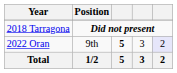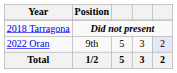 <table class="wikitable" style="text-align: center;">
 <tr>
 <th>Year</th>
 <th>Position</th>
 <th width=25px></th>
 <th width=25px></th>
 <th width=25px></th>
 </tr>
 <tr bgcolor="#FFD700">
 </tr>
 <tr>
 <td style="text-align: left;"> <a href='#'>2018 Tarragona</a></td>
 <td rowspan="1" colspan="4" style="text-align:center;"><strong><em>Did not present</em></strong></td>
 </tr>
 <tr>
 <td style="text-align: left;"> <a href='#'>2022 Oran</a></td>
 <td>9th</td>
-<td><strong>5</strong></td>
+<td>5</td>
 <td>3</td>
 <td style="background: lavender;">2</td>
 </tr>
 <tr>
 <th>Total</th>
 <th>1/2</th>
 <th>5</th>
 <th>3</th>
 <th>2</th>
 </tr>
 </table>
